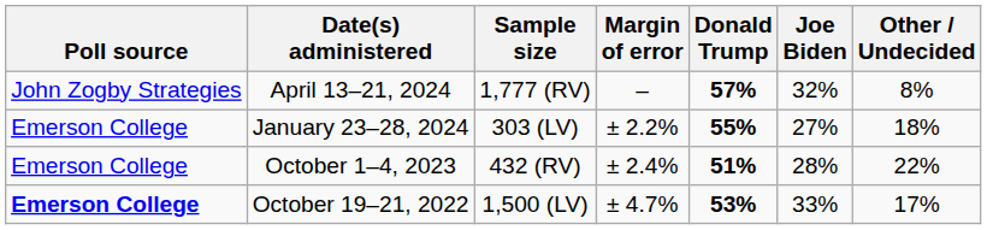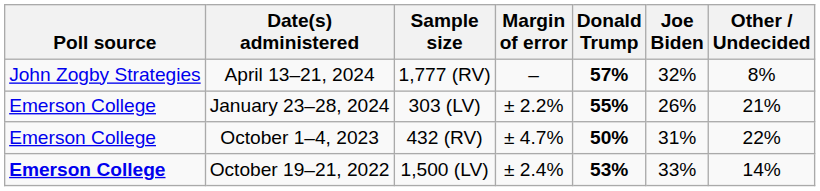 <table class="wikitable sortable mw-datatable" style="font-size:90%;text-align:center;line-height:17px">
 <tr valign=bottom>
 <th>Poll source</th>
 <th>Date(s)<br>administered</th>
 <th>Sample<br>size</th>
 <th>Margin<br>of error</th>
 <th class="unsortable">Donald<br>Trump<br></th>
 <th class="unsortable">Joe<br>Biden<br></th>
 <th class="unsortable">Other /<br>Undecided</th>
 </tr>
 <tr>
 <td style="text-align:left;"><a href='#'>John Zogby Strategies</a></td>
 <td data-sort-value="2024-05-01">April 13–21, 2024</td>
 <td>1,777 (RV)</td>
 <td>–</td>
 <td style="background-color:"><strong>57%</strong></td>
 <td>32%</td>
 <td>8%</td>
 </tr>
 <tr>
 <td style="text-align:left;"><a href='#'>Emerson College</a></td>
 <td data-sort-value="2024-02-02">January 23–28, 2024</td>
 <td>303 (LV)</td>
 <td>± 2.2%</td>
 <td style="background-color:"><strong>55%</strong></td>
-<td>27%</td>
-<td>18%</td>
+<td>26%</td>
+<td>21%</td>
 </tr>
 <tr>
 <td style="text-align:left;"><a href='#'>Emerson College</a></td>
 <td data-sort-value="2022-10-21">October 1–4, 2023</td>
 <td>432 (RV)</td>
-<td>± 2.4%</td>
-<td style="background-color:"><strong>51%</strong></td>
-<td>28%</td>
+<td>± 4.7%</td>
+<td style="background-color:"><strong>50%</strong></td>
+<td>31%</td>
 <td>22%</td>
 </tr>
 <tr>
 <td style="text-align:left;"><strong><a href='#'>Emerson College</a></strong></td>
 <td data-sort-value="2022-10-21">October 19–21, 2022</td>
 <td>1,500 (LV)</td>
-<td>± 4.7%</td>
+<td>± 2.4%</td>
 <td style="background-color:"><strong>53%</strong></td>
 <td>33%</td>
-<td>17%</td>
+<td>14%</td>
 </tr>
 </table>
